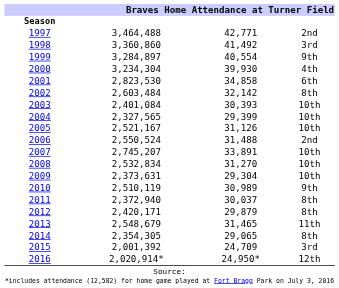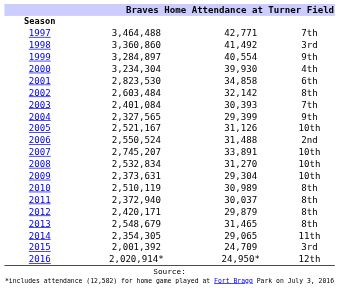 <table class="toccolours" cellpadding="1" cellspacing="0" style="float: right; clear: both; margin: 0 0 1em 1em; text-align:right;">
 <tr>
 <th colspan="4" bgcolor="#ccccff"><span> Braves Home Attendance at Turner Field</span></th>
 </tr>
 <tr style="font-size:95%; text-align:center">
 <th>Season</th>
 <th></th>
 <th></th>
 <th></th>
 </tr>
 <tr style="text-align:center">
 <td><a href='#'>1997</a></td>
 <td>3,464,488</td>
 <td>42,771</td>
-<td>2nd</td>
+<td>7th</td>
 </tr>
 <tr style="text-align:center">
 <td><a href='#'>1998</a></td>
 <td>3,360,860</td>
 <td>41,492</td>
 <td>3rd</td>
 </tr>
 <tr style="text-align:center">
 <td><a href='#'>1999</a></td>
 <td>3,284,897</td>
 <td>40,554</td>
 <td>9th</td>
 </tr>
 <tr style="text-align:center">
 <td><a href='#'>2000</a></td>
 <td>3,234,304</td>
 <td>39,930</td>
 <td>4th</td>
 </tr>
 <tr style="text-align:center">
 <td><a href='#'>2001</a></td>
 <td>2,823,530</td>
 <td>34,858</td>
 <td>6th</td>
 </tr>
 <tr style="text-align:center">
 <td><a href='#'>2002</a></td>
 <td>2,603,484</td>
 <td>32,142</td>
 <td>8th</td>
 </tr>
 <tr style="text-align:center">
 <td><a href='#'>2003</a></td>
 <td>2,401,084</td>
 <td>30,393</td>
-<td>10th</td>
+<td>7th</td>
 </tr>
 <tr style="text-align:center">
 <td><a href='#'>2004</a></td>
 <td>2,327,565</td>
 <td>29,399</td>
-<td>10th</td>
+<td>9th</td>
 </tr>
 <tr style="text-align:center">
 <td><a href='#'>2005</a></td>
 <td>2,521,167</td>
 <td>31,126</td>
 <td>10th</td>
 </tr>
 <tr style="text-align:center">
 <td><a href='#'>2006</a></td>
 <td>2,550,524</td>
 <td>31,488</td>
 <td>2nd</td>
 </tr>
 <tr style="text-align:center">
 <td><a href='#'>2007</a></td>
 <td>2,745,207</td>
 <td>33,891</td>
 <td>10th</td>
 </tr>
 <tr style="text-align:center">
 <td><a href='#'>2008</a></td>
 <td>2,532,834</td>
 <td>31,270</td>
 <td>10th</td>
 </tr>
 <tr style="text-align:center">
 <td><a href='#'>2009</a></td>
 <td>2,373,631</td>
 <td>29,304</td>
 <td>10th</td>
 </tr>
 <tr style="text-align:center">
 <td><a href='#'>2010</a></td>
 <td>2,510,119</td>
 <td>30,989</td>
-<td>9th</td>
+<td>8th</td>
 </tr>
 <tr style="text-align:center">
 <td><a href='#'>2011</a></td>
 <td>2,372,940</td>
 <td>30,037</td>
 <td>8th</td>
 </tr>
 <tr style="text-align:center">
 <td><a href='#'>2012</a></td>
 <td>2,420,171</td>
 <td>29,879</td>
 <td>8th</td>
 </tr>
 <tr style="text-align:center">
 <td><a href='#'>2013</a></td>
 <td>2,548,679</td>
 <td>31,465</td>
-<td>11th</td>
+<td>8th</td>
 </tr>
 <tr style="text-align:center">
 <td><a href='#'>2014</a></td>
 <td>2,354,305</td>
 <td>29,065</td>
-<td>8th</td>
+<td>11th</td>
 </tr>
 <tr style="text-align:center">
 <td><a href='#'>2015</a></td>
 <td>2,001,392</td>
 <td>24,709</td>
 <td>3rd</td>
 </tr>
 <tr style="text-align:center">
 <td><a href='#'>2016</a></td>
 <td>2,020,914*</td>
 <td>24,950*</td>
 <td>12th</td>
 </tr>
 <tr>
 <td colspan=4 style="border-top:1px solid black; font-size:85%; text-align:center">Source:<br><small>*includes attendance (12,582) for home game played at <a href='#'>Fort Bragg</a> Park on July 3, 2016</small></td>
 </tr>
 </table>
